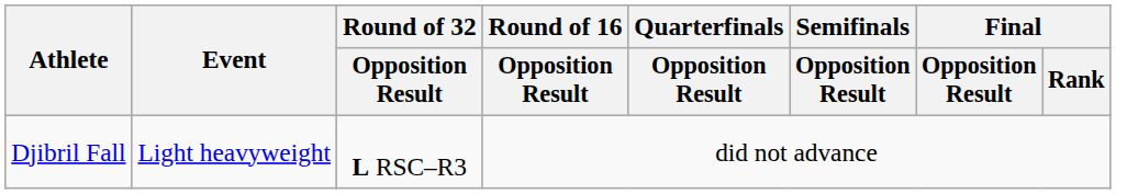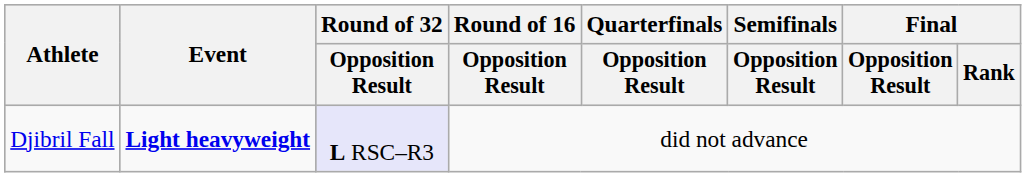 <table class="wikitable" style="font-size:90%">
 <tr>
 <th rowspan="2">Athlete</th>
 <th rowspan="2">Event</th>
 <th>Round of 32</th>
 <th>Round of 16</th>
 <th>Quarterfinals</th>
 <th>Semifinals</th>
 <th colspan=2>Final</th>
 </tr>
 <tr style="font-size:95%">
 <th>Opposition<br>Result</th>
 <th>Opposition<br>Result</th>
 <th>Opposition<br>Result</th>
 <th>Opposition<br>Result</th>
 <th>Opposition<br>Result</th>
 <th>Rank</th>
 </tr>
 <tr align=center>
 <td align=left><a href='#'>Djibril Fall</a></td>
-<td align=left><a href='#'>Light heavyweight</a></td>
-<td><br><strong>L</strong> RSC–R3</td>
+<td align=left><strong><a href='#'>Light heavyweight</a></strong></td>
+<td style="background: lavender;"><br><strong>L</strong> RSC–R3</td>
 <td colspan=5>did not advance</td>
 </tr>
 </table>
